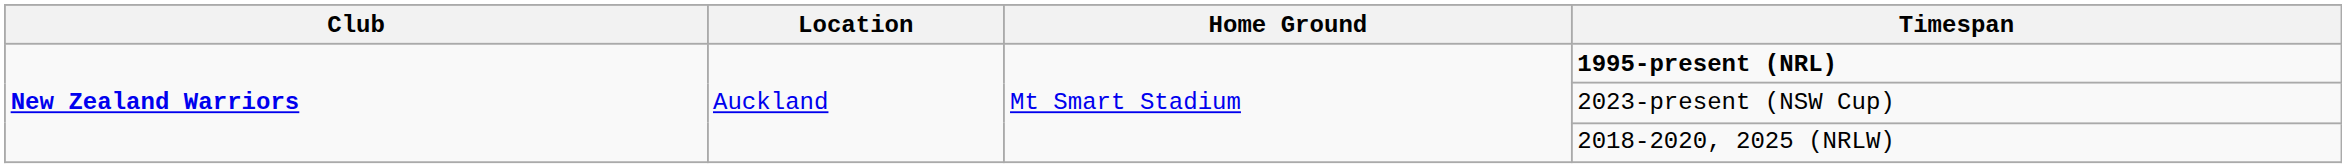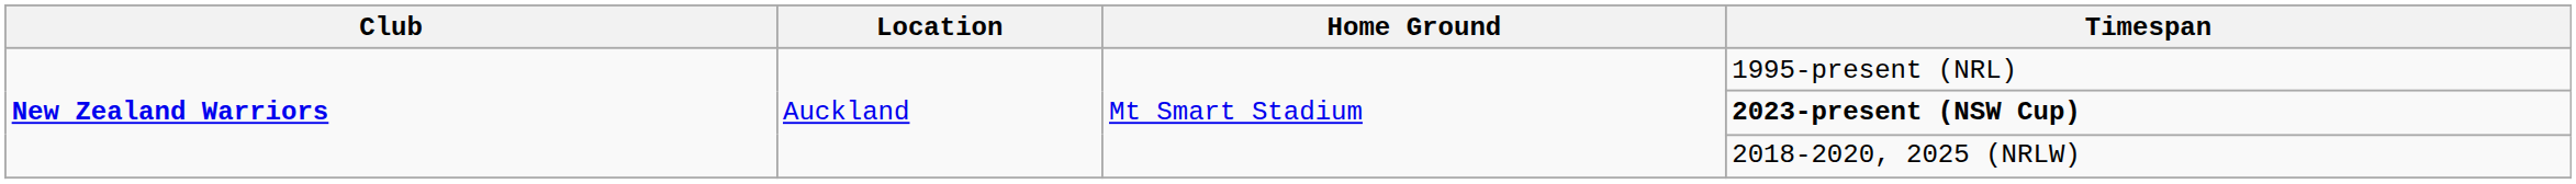 <table class="wikitable sortable" style="width:100%;">
 <tr>
 <th>Club</th>
 <th>Location</th>
 <th>Home Ground</th>
 <th>Timespan</th>
 </tr>
 <tr>
 <td rowspan="3"> <strong><a href='#'>New Zealand Warriors</a></strong></td>
 <td rowspan="3"><a href='#'>Auckland</a></td>
 <td rowspan="3"><a href='#'>Mt Smart Stadium</a></td>
-<td><strong>1995-present (NRL)</strong></td>
+<td>1995-present (NRL)</td>
 </tr>
 <tr>
-<td>2023-present (NSW Cup)</td>
+<td><strong>2023-present (NSW Cup)</strong></td>
 </tr>
 <tr>
 <td>2018-2020, 2025 (NRLW)</td>
 </tr>
 </table>
